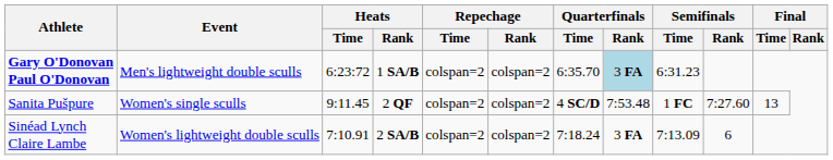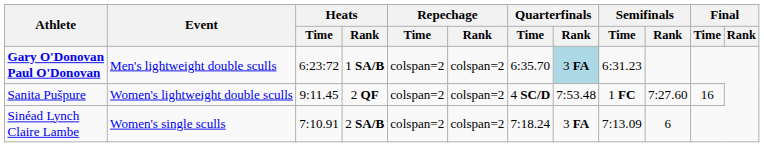 <table class="wikitable" style="font-size:90%">
 <tr>
 <th rowspan="2">Athlete</th>
 <th rowspan="2">Event</th>
 <th colspan="2">Heats</th>
 <th colspan="2">Repechage</th>
 <th colspan="2">Quarterfinals</th>
 <th colspan="2">Semifinals</th>
 <th colspan="2">Final</th>
 </tr>
 <tr style="font-size:95%">
 <th>Time</th>
 <th>Rank</th>
 <th>Time</th>
 <th>Rank</th>
 <th>Time</th>
 <th>Rank</th>
 <th>Time</th>
 <th>Rank</th>
 <th>Time</th>
 <th>Rank</th>
 </tr>
 <tr align=center>
 <td align=left><strong><a href='#'>Gary O'Donovan</a><br><a href='#'>Paul O'Donovan</a></strong></td>
 <td align=left><a href='#'>Men's lightweight double sculls</a></td>
 <td>6:23:72</td>
 <td>1 <strong>SA/B</strong></td>
 <td>colspan=2 </td>
 <td>colspan=2 </td>
 <td>6:35.70</td>
 <td style="background: lightblue;">3 <strong>FA</strong></td>
 <td>6:31.23</td>
 <td></td>
 </tr>
 <tr align=center>
 <td align=left><a href='#'>Sanita Pušpure</a></td>
-<td align=left><a href='#'>Women's single sculls</a></td>
+<td align=left><a href='#'>Women's lightweight double sculls</a></td>
 <td>9:11.45</td>
 <td>2 <strong>QF</strong></td>
 <td>colspan=2 </td>
 <td>colspan=2 </td>
 <td>4 <strong>SC/D</strong></td>
 <td>7:53.48</td>
 <td>1 <strong>FC</strong></td>
 <td>7:27.60</td>
-<td>13</td>
+<td>16</td>
 </tr>
 <tr align=center>
 <td align=left><a href='#'>Sinéad Lynch</a><br><a href='#'>Claire Lambe</a></td>
-<td align=left><a href='#'>Women's lightweight double sculls</a></td>
+<td align=left><a href='#'>Women's single sculls</a></td>
 <td>7:10.91</td>
 <td>2 <strong>SA/B</strong></td>
 <td>colspan=2 </td>
 <td>colspan=2 </td>
 <td>7:18.24</td>
 <td>3 <strong>FA</strong></td>
 <td>7:13.09</td>
 <td>6</td>
 </tr>
 </table>
